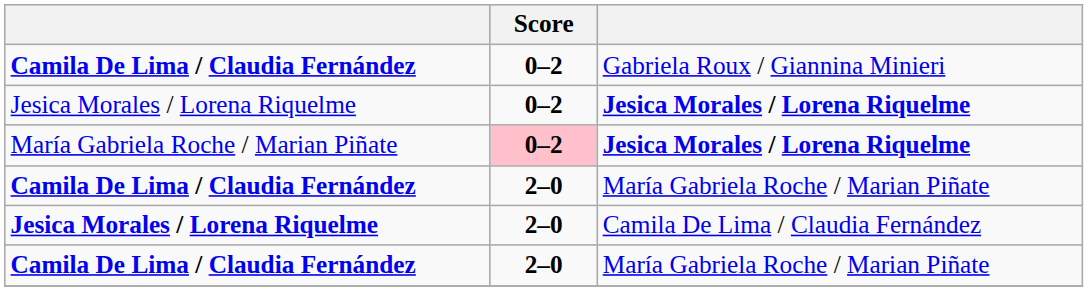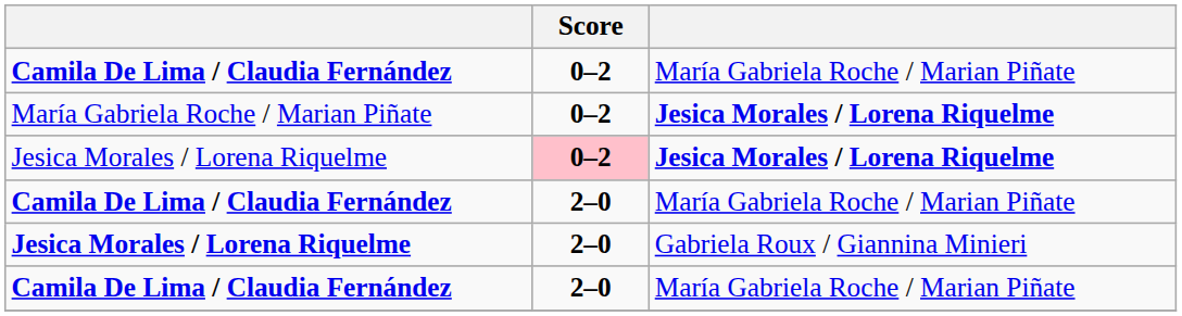 <table class="wikitable" style="text-align: center; font-size:100% ">
 <tr>
 <th align="right" width="300"></th>
 <th width="60">Score</th>
 <th align="left" width="300"></th>
 </tr>
 <tr>
 <td align=left><strong> <a href='#'>Camila De Lima</a> / <a href='#'>Claudia Fernández</a></strong></td>
 <td align=center><strong>0–2</strong></td>
-<td align=left> <a href='#'>Gabriela Roux</a> / <a href='#'>Giannina Minieri</a></td>
+<td align=left> <a href='#'>María Gabriela Roche</a> / <a href='#'>Marian Piñate</a></td>
 </tr>
 <tr>
-<td align=left> <a href='#'>Jesica Morales</a> / <a href='#'>Lorena Riquelme</a></td>
+<td align=left> <a href='#'>María Gabriela Roche</a> / <a href='#'>Marian Piñate</a></td>
 <td align=center><strong>0–2</strong></td>
 <td align=left><strong> <a href='#'>Jesica Morales</a> / <a href='#'>Lorena Riquelme</a></strong></td>
 </tr>
 <tr>
-<td align=left> <a href='#'>María Gabriela Roche</a> / <a href='#'>Marian Piñate</a></td>
+<td align=left> <a href='#'>Jesica Morales</a> / <a href='#'>Lorena Riquelme</a></td>
 <td align=center style="background: pink;"><strong>0–2</strong></td>
 <td align=left><strong> <a href='#'>Jesica Morales</a> / <a href='#'>Lorena Riquelme</a></strong></td>
 </tr>
 <tr>
 <td align=left><strong> <a href='#'>Camila De Lima</a> / <a href='#'>Claudia Fernández</a></strong></td>
 <td align=center><strong>2–0</strong></td>
 <td align=left> <a href='#'>María Gabriela Roche</a> / <a href='#'>Marian Piñate</a></td>
 </tr>
 <tr>
 <td align=left><strong> <a href='#'>Jesica Morales</a> / <a href='#'>Lorena Riquelme</a></strong></td>
 <td align=center><strong>2–0</strong></td>
-<td align=left> <a href='#'>Camila De Lima</a> / <a href='#'>Claudia Fernández</a></td>
+<td align=left> <a href='#'>Gabriela Roux</a> / <a href='#'>Giannina Minieri</a></td>
 </tr>
 <tr>
 <td align=left><strong> <a href='#'>Camila De Lima</a> / <a href='#'>Claudia Fernández</a></strong></td>
 <td align=center><strong>2–0</strong></td>
 <td align=left> <a href='#'>María Gabriela Roche</a> / <a href='#'>Marian Piñate</a></td>
 </tr>
 <tr>
 </tr>
 </table>
